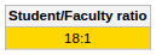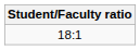 <table class="wikitable" style="text-align:center">
 <tr>
 <th>Student/Faculty ratio</th>
 </tr>
 <tr>
-<td style="background: gold;">18:1</td>
+<td>18:1</td>
 </tr>
 </table>
